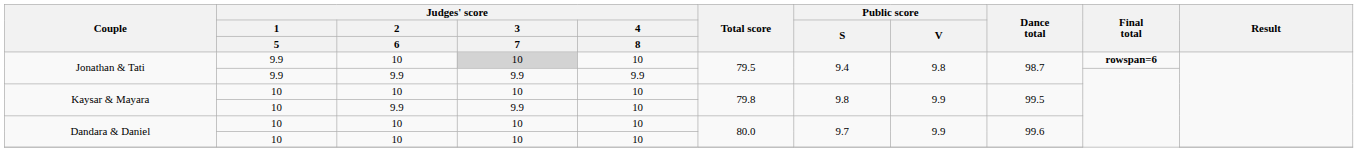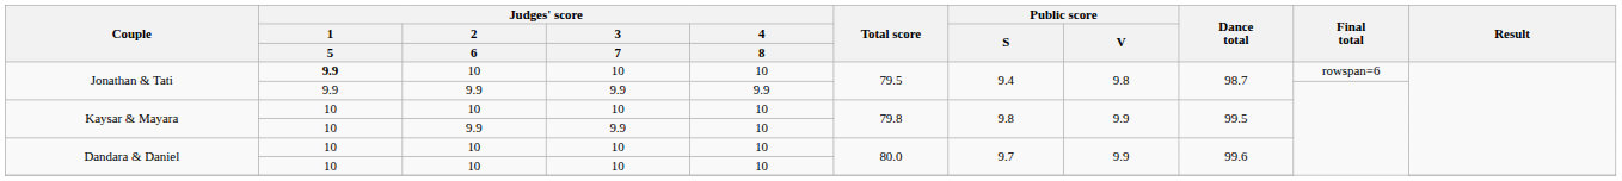 <table class="wikitable" style="font-size:100%; line-height:16px; text-align:center" width="100%">
 <tr>
 <th rowspan=3 width="11.0%">Couple</th>
 <th colspan=4 width="25.0%">Judges' score</th>
 <th rowspan=3 width="05.0%">Total score</th>
 <th colspan=2 width="10.0%">Public score</th>
 <th rowspan=3 width="05.0%">Dance<br>total</th>
 <th rowspan=3 width="05.0%">Final<br>total</th>
 <th rowspan=3 width="09.0%">Result</th>
 </tr>
 <tr>
 <th width="06.25%">1</th>
 <th width="06.25%">2</th>
 <th width="06.25%">3</th>
 <th width="06.25%">4</th>
 <th width="05.00%" rowspan=2>S</th>
 <th width="05.00%" rowspan=2>V</th>
 </tr>
 <tr>
 <th>5</th>
 <th>6</th>
 <th>7</th>
 <th>8</th>
 </tr>
 <tr>
 <td rowspan=2>Jonathan & Tati</td>
-<td>9.9</td>
+<td><strong>9.9</strong></td>
 <td>10</td>
-<td style="background: lightgrey;">10</td>
+<td>10</td>
 <td>10</td>
 <td rowspan=2>79.5</td>
 <td rowspan=2>9.4</td>
 <td rowspan=2>9.8</td>
 <td rowspan=2>98.7</td>
-<td><strong>rowspan=6 </strong></td>
+<td>rowspan=6 </td>
 <td rowspan=6></td>
 </tr>
 <tr>
 <td>9.9</td>
 <td>9.9</td>
 <td>9.9</td>
 <td>9.9</td>
 </tr>
 <tr>
 <td rowspan=2>Kaysar & Mayara</td>
 <td>10</td>
 <td>10</td>
 <td>10</td>
 <td>10</td>
 <td rowspan=2>79.8</td>
 <td rowspan=2>9.8</td>
 <td rowspan=2>9.9</td>
 <td rowspan=2>99.5</td>
 </tr>
 <tr>
 <td>10</td>
 <td>9.9</td>
 <td>9.9</td>
 <td>10</td>
 </tr>
 <tr>
 <td rowspan=2>Dandara & Daniel</td>
 <td>10</td>
 <td>10</td>
 <td>10</td>
 <td>10</td>
 <td rowspan=2>80.0</td>
 <td rowspan=2>9.7</td>
 <td rowspan=2>9.9</td>
 <td rowspan=2>99.6</td>
 </tr>
 <tr>
 <td>10</td>
 <td>10</td>
 <td>10</td>
 <td>10</td>
 </tr>
 <tr>
 </tr>
 </table>
